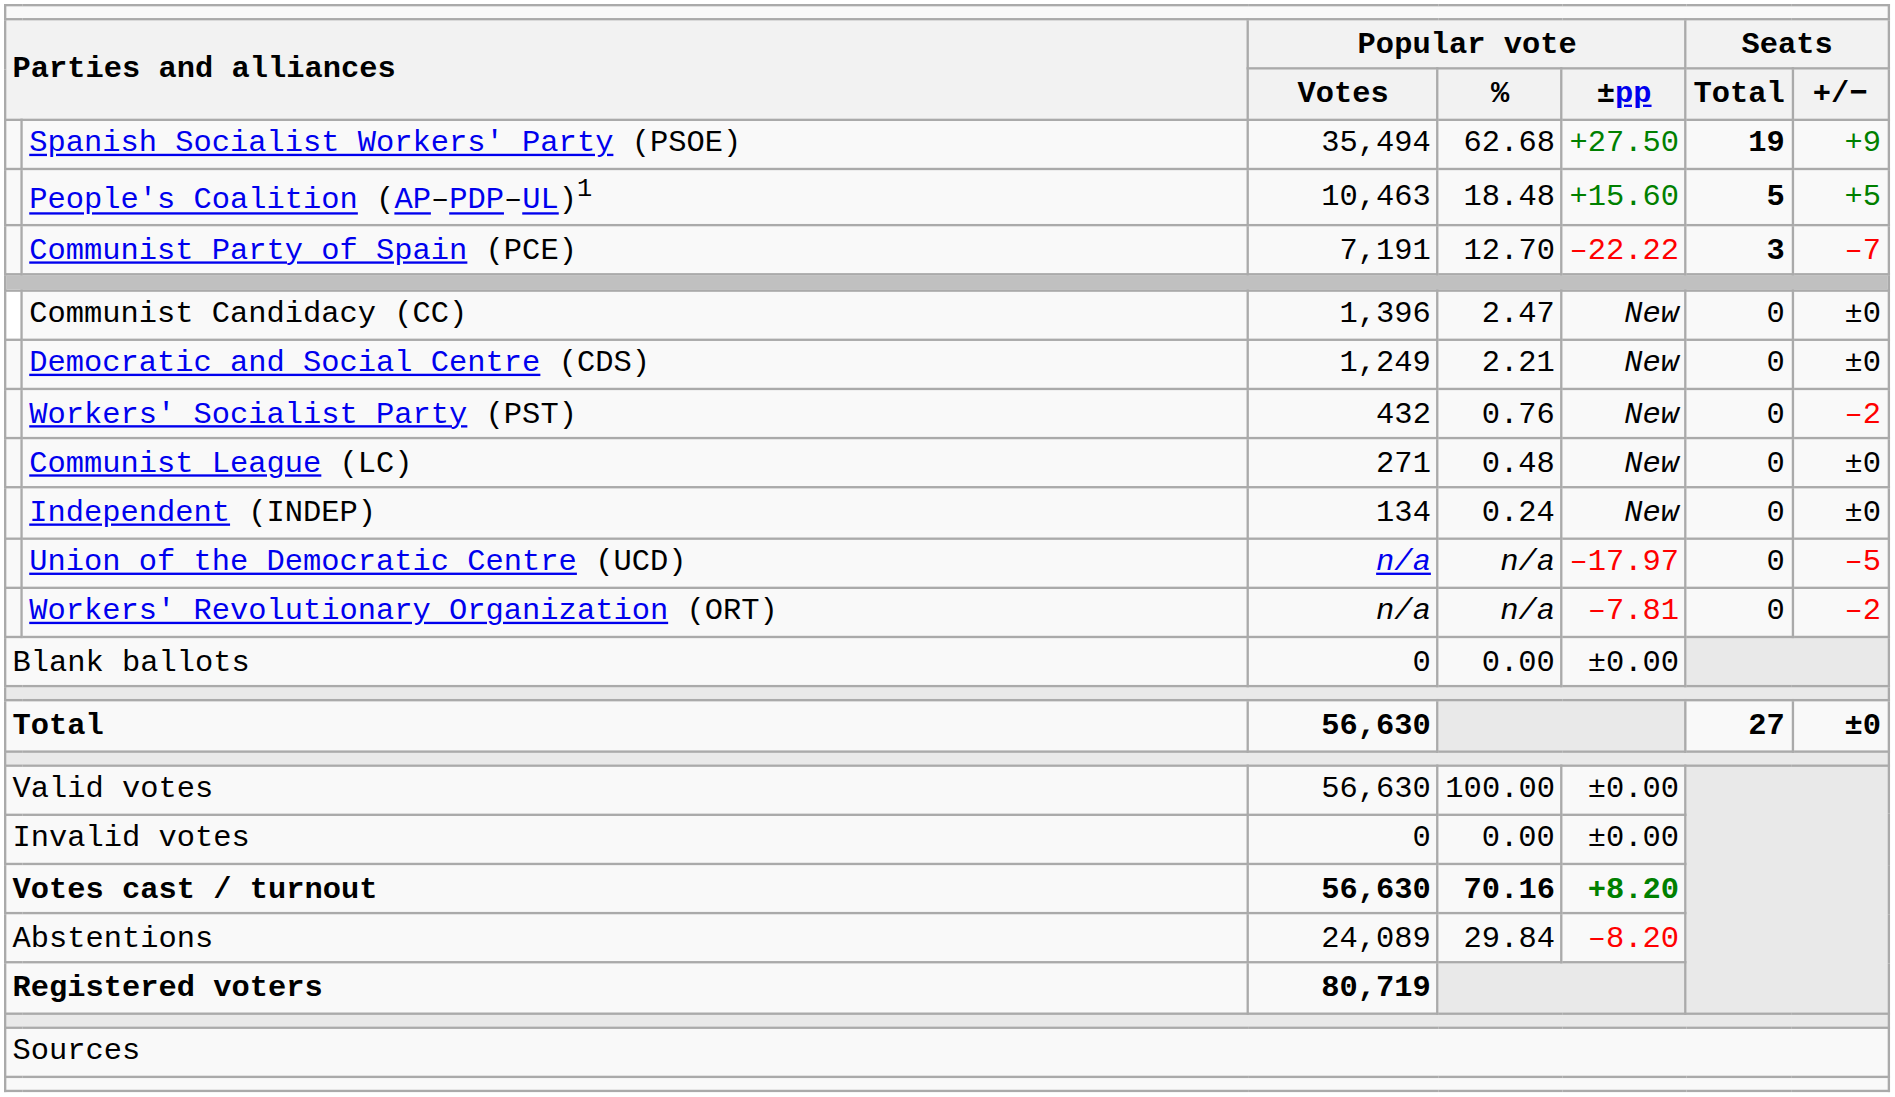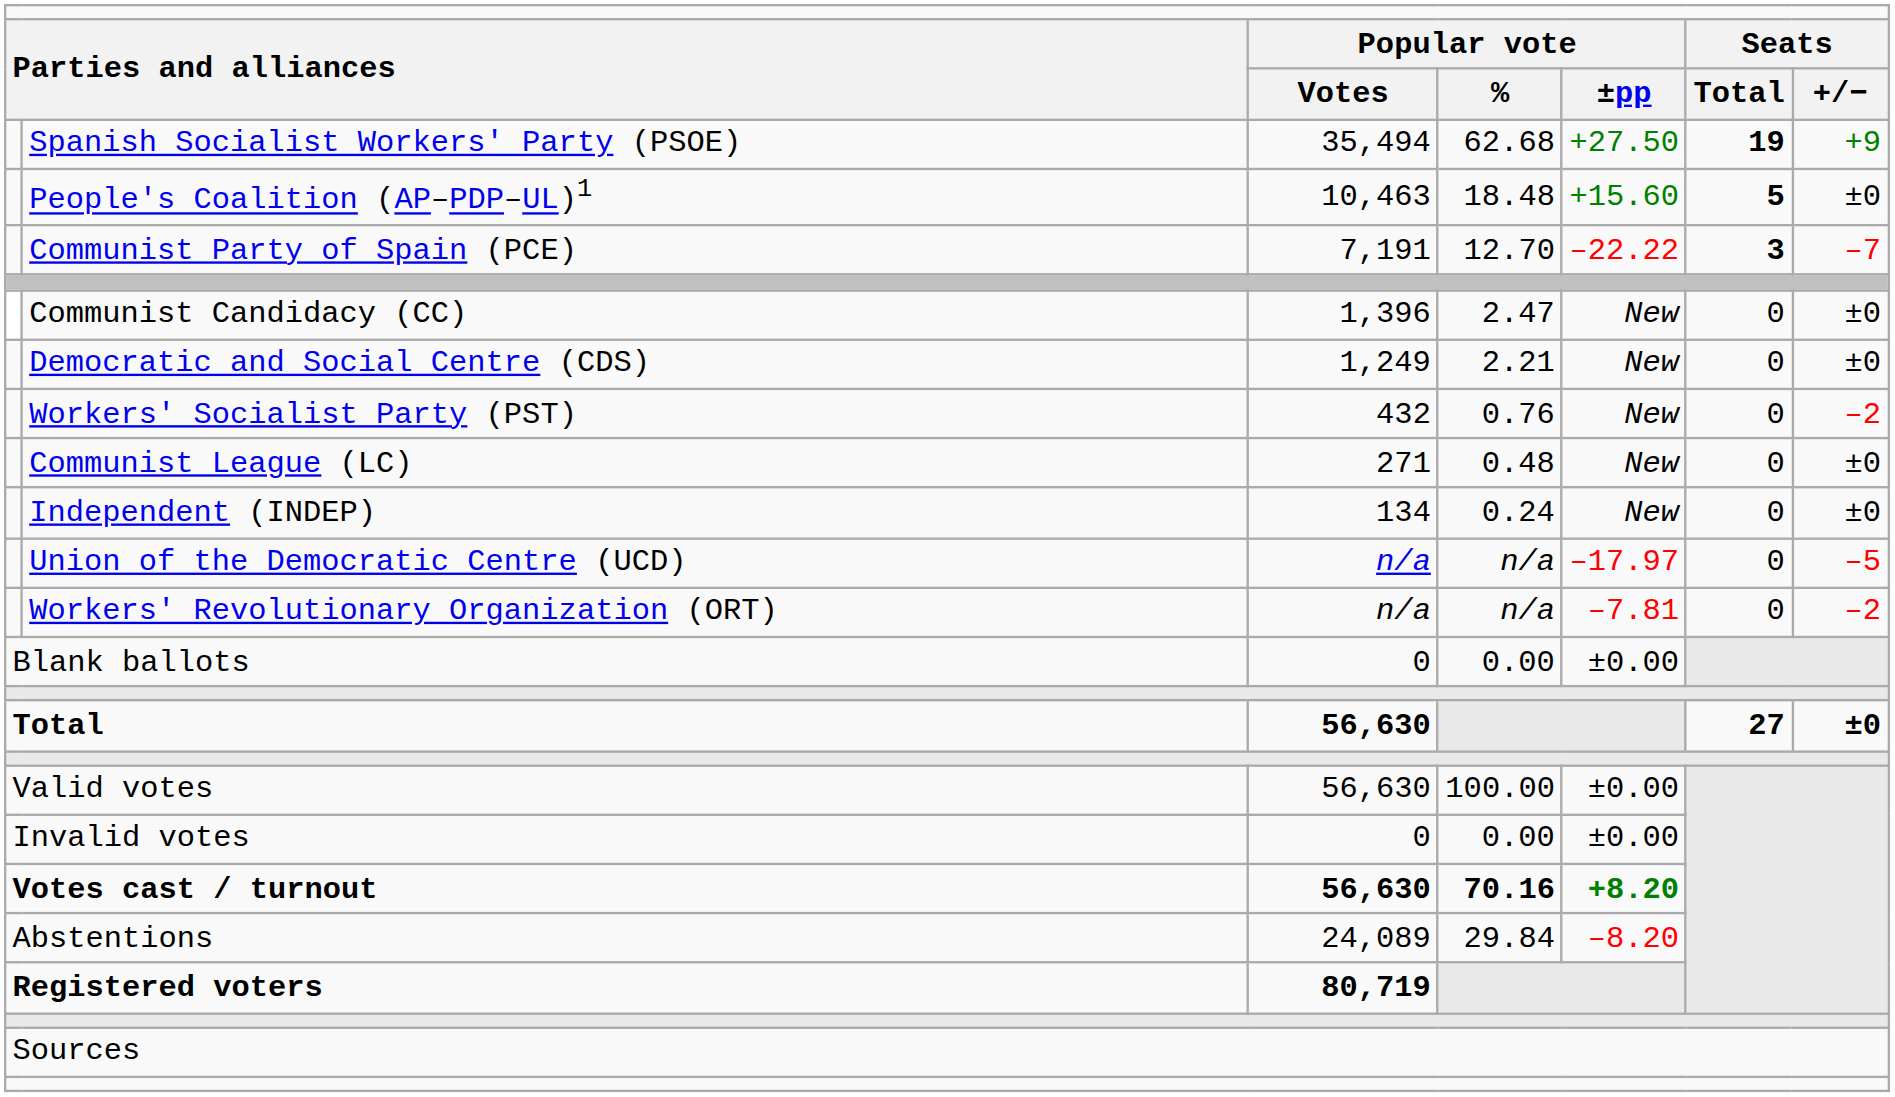 <table class="wikitable" style="text-align:right;">
 <tr>
 <td colspan="7"></td>
 </tr>
 <tr>
 <th style="text-align:left;" rowspan="2" colspan="2" width="525">Parties and alliances</th>
 <th colspan="3">Popular vote</th>
 <th colspan="2">Seats</th>
 </tr>
 <tr>
 <th width="75">Votes</th>
 <th width="45">%</th>
 <th width="45">±<a href='#'>pp</a></th>
 <th width="35">Total</th>
 <th width="35">+/−</th>
 </tr>
 <tr>
 <td width="1" style="color:inherit;background:"></td>
 <td align="left"><a href='#'>Spanish Socialist Workers' Party</a> (PSOE)</td>
 <td>35,494</td>
 <td>62.68</td>
 <td style="color:green;">+27.50</td>
 <td><strong>19</strong></td>
 <td style="color:green;">+9</td>
 </tr>
 <tr>
 <td style="color:inherit;background:"></td>
 <td align="left"><a href='#'>People's Coalition</a> (<a href='#'>AP</a>–<a href='#'>PDP</a>–<a href='#'>UL</a>)<sup>1</sup></td>
 <td>10,463</td>
 <td>18.48</td>
 <td style="color:green;">+15.60</td>
 <td><strong>5</strong></td>
-<td style="color:green;">+5</td>
+<td>±0</td>
 </tr>
 <tr>
 <td style="color:inherit;background:"></td>
 <td align="left"><a href='#'>Communist Party of Spain</a> (PCE)</td>
 <td>7,191</td>
 <td>12.70</td>
 <td style="color:red;">–22.22</td>
 <td><strong>3</strong></td>
 <td style="color:red;">–7</td>
 </tr>
 <tr>
 <td colspan="7" bgcolor="#C0C0C0"></td>
 </tr>
 <tr>
 <td bgcolor="white"></td>
 <td align="left">Communist Candidacy (CC)</td>
 <td>1,396</td>
 <td>2.47</td>
 <td><em>New</em></td>
 <td>0</td>
 <td>±0</td>
 </tr>
 <tr>
 <td style="color:inherit;background:"></td>
 <td align="left"><a href='#'>Democratic and Social Centre</a> (CDS)</td>
 <td>1,249</td>
 <td>2.21</td>
 <td><em>New</em></td>
 <td>0</td>
 <td>±0</td>
 </tr>
 <tr>
 <td style="color:inherit;background:"></td>
 <td align="left"><a href='#'>Workers' Socialist Party</a> (PST)</td>
 <td>432</td>
 <td>0.76</td>
 <td><em>New</em></td>
 <td>0</td>
 <td style="color:red;">–2</td>
 </tr>
 <tr>
 <td style="color:inherit;background:"></td>
 <td align="left"><a href='#'>Communist League</a> (LC)</td>
 <td>271</td>
 <td>0.48</td>
 <td><em>New</em></td>
 <td>0</td>
 <td>±0</td>
 </tr>
 <tr>
 <td style="color:inherit;background:"></td>
 <td align="left"><a href='#'>Independent</a> (INDEP)</td>
 <td>134</td>
 <td>0.24</td>
 <td><em>New</em></td>
 <td>0</td>
 <td>±0</td>
 </tr>
 <tr>
 <td style="color:inherit;background:"></td>
 <td align="left"><a href='#'>Union of the Democratic Centre</a> (UCD)</td>
 <td><em><a href='#'>n/a</a></em></td>
 <td><em>n/a</em></td>
 <td style="color:red;">–17.97</td>
 <td>0</td>
 <td style="color:red;">–5</td>
 </tr>
 <tr>
 <td style="color:inherit;background:"></td>
 <td align="left"><a href='#'>Workers' Revolutionary Organization</a> (ORT)</td>
 <td><em>n/a</em></td>
 <td><em>n/a</em></td>
 <td style="color:red;">–7.81</td>
 <td>0</td>
 <td style="color:red;">–2</td>
 </tr>
 <tr>
 <td align="left" colspan="2">Blank ballots</td>
 <td>0</td>
 <td>0.00</td>
 <td>±0.00</td>
 <td bgcolor="#E9E9E9" colspan="2"></td>
 </tr>
 <tr>
 <td colspan="7" bgcolor="#E9E9E9"></td>
 </tr>
 <tr style="font-weight:bold;">
 <td align="left" colspan="2">Total</td>
 <td>56,630</td>
 <td bgcolor="#E9E9E9" colspan="2"></td>
 <td>27</td>
 <td>±0</td>
 </tr>
 <tr>
 <td colspan="7" bgcolor="#E9E9E9"></td>
 </tr>
 <tr>
 <td align="left" colspan="2">Valid votes</td>
 <td>56,630</td>
 <td>100.00</td>
 <td>±0.00</td>
 <td bgcolor="#E9E9E9" colspan="2" rowspan="5"></td>
 </tr>
 <tr>
 <td align="left" colspan="2">Invalid votes</td>
 <td>0</td>
 <td>0.00</td>
 <td>±0.00</td>
 </tr>
 <tr style="font-weight:bold;">
 <td align="left" colspan="2">Votes cast / turnout</td>
 <td>56,630</td>
 <td>70.16</td>
 <td style="color:green;">+8.20</td>
 </tr>
 <tr>
 <td align="left" colspan="2">Abstentions</td>
 <td>24,089</td>
 <td>29.84</td>
 <td style="color:red;">–8.20</td>
 </tr>
 <tr style="font-weight:bold;">
 <td align="left" colspan="2">Registered voters</td>
 <td>80,719</td>
 <td bgcolor="#E9E9E9" colspan="2"></td>
 </tr>
 <tr>
 <td colspan="7" bgcolor="#E9E9E9"></td>
 </tr>
 <tr>
 <td align="left" colspan="7">Sources</td>
 </tr>
 <tr>
 <td colspan="7" style="text-align:left; max-width:790px;"></td>
 </tr>
 </table>
